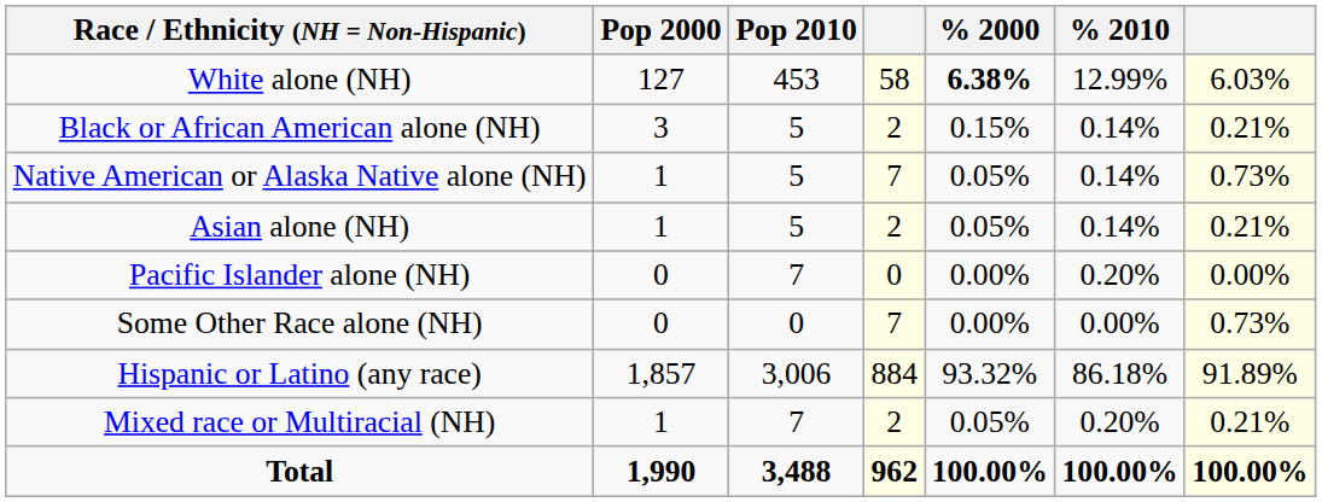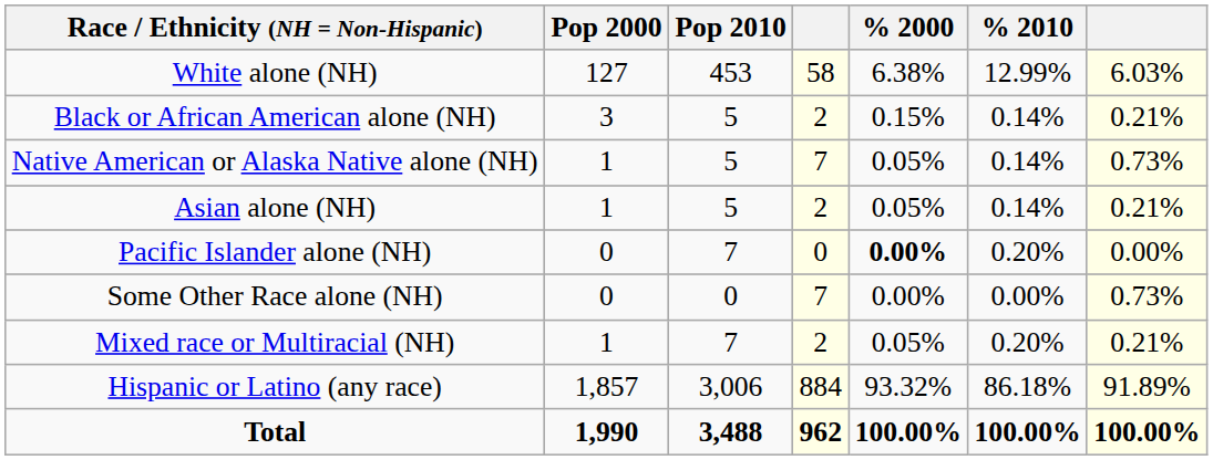 <table class="wikitable" style="text-align:center;">
 <tr>
 <th>Race / Ethnicity <small>(<em>NH = Non-Hispanic</em>)</small></th>
 <th>Pop 2000</th>
 <th>Pop 2010</th>
 <th></th>
 <th>% 2000</th>
 <th>% 2010</th>
 <th></th>
 </tr>
 <tr>
 <td><a href='#'>White</a> alone (NH)</td>
 <td>127</td>
 <td>453</td>
 <td style='background: #ffffe6;'>58</td>
-<td><strong>6.38%</strong></td>
+<td>6.38%</td>
 <td>12.99%</td>
 <td style='background: #ffffe6;'>6.03%</td>
 </tr>
 <tr>
 <td><a href='#'>Black or African American</a> alone (NH)</td>
 <td>3</td>
 <td>5</td>
 <td style='background: #ffffe6;'>2</td>
 <td>0.15%</td>
 <td>0.14%</td>
 <td style='background: #ffffe6;'>0.21%</td>
 </tr>
 <tr>
 <td><a href='#'>Native American</a> or <a href='#'>Alaska Native</a> alone (NH)</td>
 <td>1</td>
 <td>5</td>
 <td style='background: #ffffe6;'>7</td>
 <td>0.05%</td>
 <td>0.14%</td>
 <td style='background: #ffffe6;'>0.73%</td>
 </tr>
 <tr>
 <td><a href='#'>Asian</a> alone (NH)</td>
 <td>1</td>
 <td>5</td>
 <td style='background: #ffffe6;'>2</td>
 <td>0.05%</td>
 <td>0.14%</td>
 <td style='background: #ffffe6;'>0.21%</td>
 </tr>
 <tr>
 <td><a href='#'>Pacific Islander</a> alone (NH)</td>
 <td>0</td>
 <td>7</td>
 <td style='background: #ffffe6;'>0</td>
-<td>0.00%</td>
+<td><strong>0.00%</strong></td>
 <td>0.20%</td>
 <td style='background: #ffffe6;'>0.00%</td>
 </tr>
 <tr>
 <td>Some Other Race alone (NH)</td>
 <td>0</td>
 <td>0</td>
 <td style='background: #ffffe6;'>7</td>
 <td>0.00%</td>
 <td>0.00%</td>
 <td style='background: #ffffe6;'>0.73%</td>
 </tr>
 <tr>
+<td><a href='#'>Mixed race or Multiracial</a> (NH)</td>
+<td>1</td>
+<td>7</td>
+<td style='background: #ffffe6;'>2</td>
+<td>0.05%</td>
+<td>0.20%</td>
+<td style='background: #ffffe6;'>0.21%</td>
+</tr>
+<tr>
 <td><a href='#'>Hispanic or Latino</a> (any race)</td>
 <td>1,857</td>
 <td>3,006</td>
 <td style='background: #ffffe6;'>884</td>
 <td>93.32%</td>
 <td>86.18%</td>
 <td style='background: #ffffe6;'>91.89%</td>
-</tr>
-<tr>
-<td><a href='#'>Mixed race or Multiracial</a> (NH)</td>
-<td>1</td>
-<td>7</td>
-<td style='background: #ffffe6;'>2</td>
-<td>0.05%</td>
-<td>0.20%</td>
-<td style='background: #ffffe6;'>0.21%</td>
 </tr>
 <tr>
 <td><strong>Total</strong></td>
 <td><strong>1,990</strong></td>
 <td><strong>3,488</strong></td>
 <td style='background: #ffffe6;'><strong>962</strong></td>
 <td><strong>100.00%</strong></td>
 <td><strong>100.00%</strong></td>
 <td style='background: #ffffe6;'><strong>100.00%</strong></td>
 </tr>
 </table>
